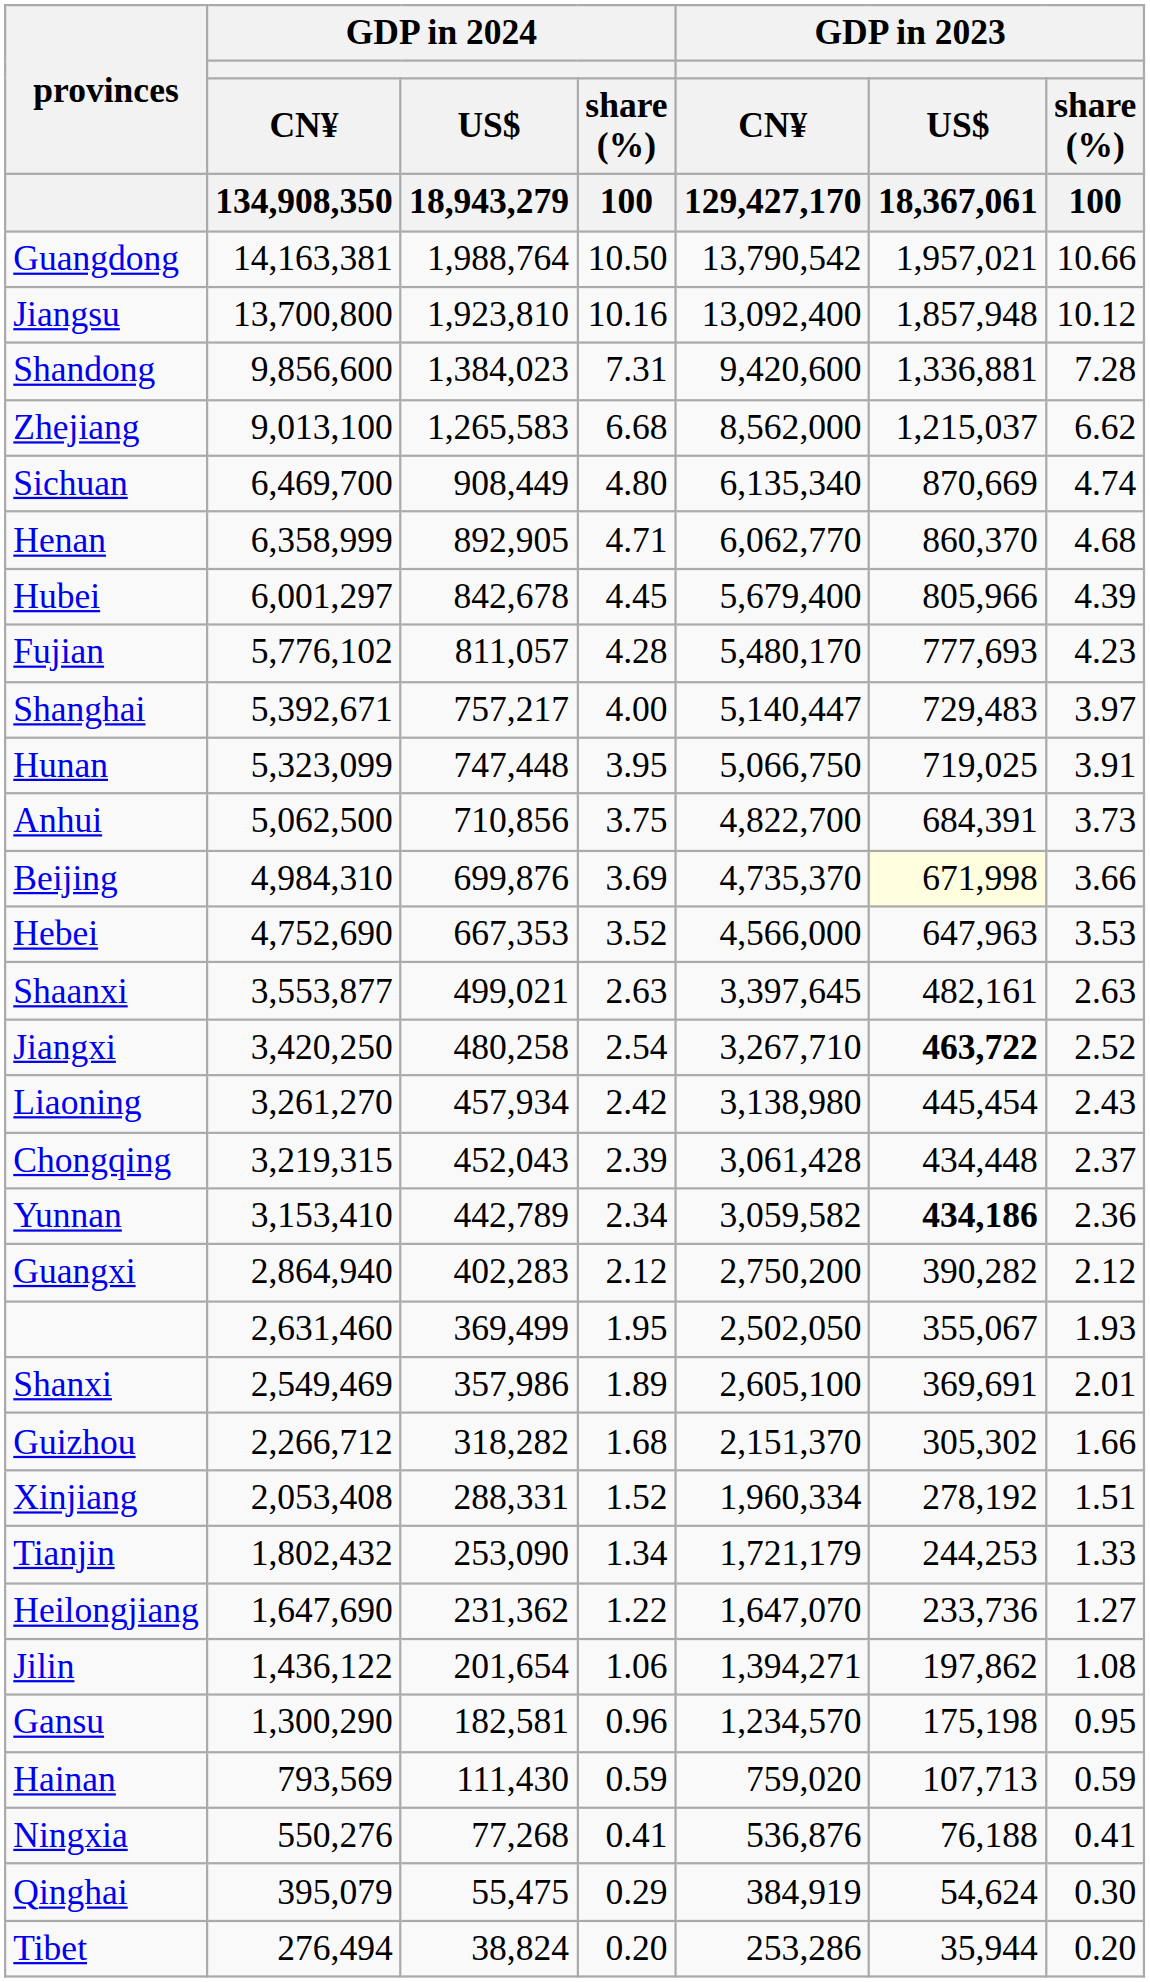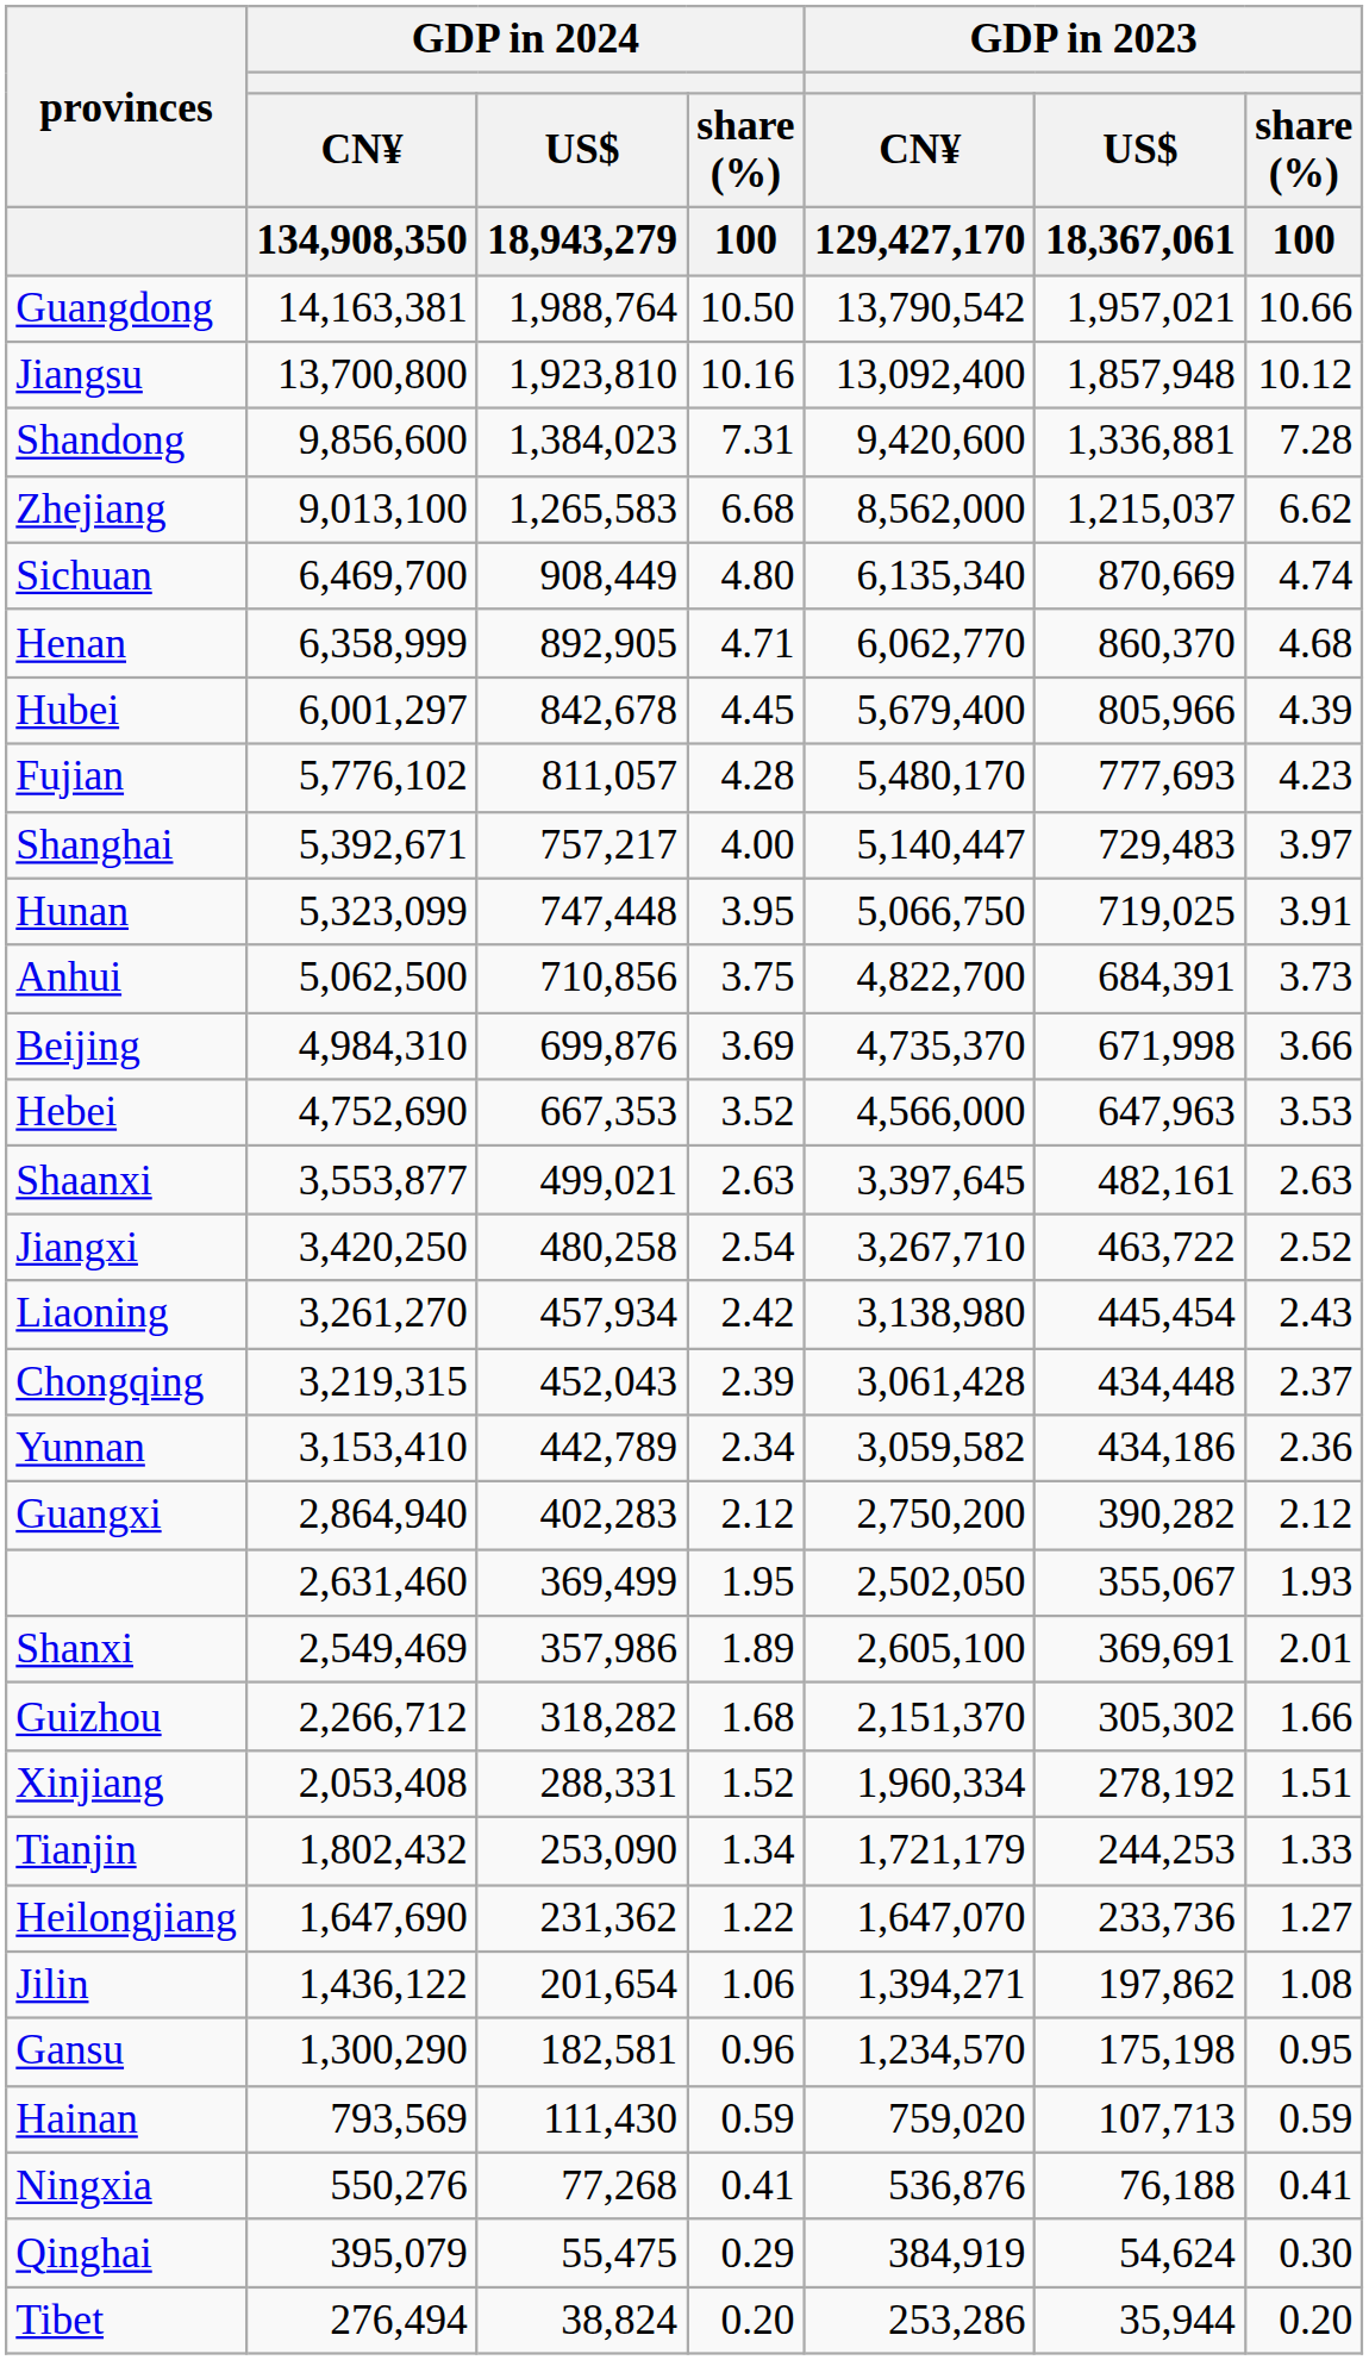 <table class="wikitable sortable static-row-numbers col2center" style="text-align:right;">
 <tr align="center">
 <th rowspan=3>provinces</th>
 <th colspan=3>GDP in 2024  <br> </th>
 <th colspan=3>GDP in 2023  <br> </th>
 </tr>
 <tr align="center">
 <th colspan=3></th>
 <th colspan=3></th>
 </tr>
 <tr align="center">
 <th>CN¥</th>
 <th>US$</th>
 <th>share <br> (%)</th>
 <th>CN¥</th>
 <th>US$</th>
 <th>share <br>(%)</th>
 </tr>
 <tr align="center">
 <th align=left></th>
 <th>134,908,350</th>
 <th>18,943,279</th>
 <th>100</th>
 <th>129,427,170</th>
 <th>18,367,061</th>
 <th>100</th>
 </tr>
 <tr align=right>
 <td align=left><a href='#'>Guangdong</a></td>
 <td>14,163,381</td>
 <td>1,988,764</td>
 <td>10.50</td>
 <td>13,790,542</td>
 <td>1,957,021</td>
 <td>10.66</td>
 </tr>
 <tr align=right>
 <td align=left><a href='#'>Jiangsu</a></td>
 <td>13,700,800</td>
 <td>1,923,810</td>
 <td>10.16</td>
 <td>13,092,400</td>
 <td>1,857,948</td>
 <td>10.12</td>
 </tr>
 <tr align=right>
 <td align=left><a href='#'>Shandong</a></td>
 <td>9,856,600</td>
 <td>1,384,023</td>
 <td>7.31</td>
 <td>9,420,600</td>
 <td>1,336,881</td>
 <td>7.28</td>
 </tr>
 <tr align=right>
 <td align=left><a href='#'>Zhejiang</a></td>
 <td>9,013,100</td>
 <td>1,265,583</td>
 <td>6.68</td>
 <td>8,562,000</td>
 <td>1,215,037</td>
 <td>6.62</td>
 </tr>
 <tr align=right>
 <td align=left><a href='#'>Sichuan</a></td>
 <td>6,469,700</td>
 <td>908,449</td>
 <td>4.80</td>
 <td>6,135,340</td>
 <td>870,669</td>
 <td>4.74</td>
 </tr>
 <tr align=right>
 <td align=left><a href='#'>Henan</a></td>
 <td>6,358,999</td>
 <td>892,905</td>
 <td>4.71</td>
 <td>6,062,770</td>
 <td>860,370</td>
 <td>4.68</td>
 </tr>
 <tr align=right>
 <td align=left><a href='#'>Hubei</a></td>
 <td>6,001,297</td>
 <td>842,678</td>
 <td>4.45</td>
 <td>5,679,400</td>
 <td>805,966</td>
 <td>4.39</td>
 </tr>
 <tr align=right>
 <td align=left><a href='#'>Fujian</a></td>
 <td>5,776,102</td>
 <td>811,057</td>
 <td>4.28</td>
 <td>5,480,170</td>
 <td>777,693</td>
 <td>4.23</td>
 </tr>
 <tr align=right>
 <td align=left><a href='#'>Shanghai</a></td>
 <td>5,392,671</td>
 <td>757,217</td>
 <td>4.00</td>
 <td>5,140,447</td>
 <td>729,483</td>
 <td>3.97</td>
 </tr>
 <tr align=right>
 <td align=left><a href='#'>Hunan</a></td>
 <td>5,323,099</td>
 <td>747,448</td>
 <td>3.95</td>
 <td>5,066,750</td>
 <td>719,025</td>
 <td>3.91</td>
 </tr>
 <tr align=right>
 <td align=left><a href='#'>Anhui</a></td>
 <td>5,062,500</td>
 <td>710,856</td>
 <td>3.75</td>
 <td>4,822,700</td>
 <td>684,391</td>
 <td>3.73</td>
 </tr>
 <tr align=right>
 <td align=left><a href='#'>Beijing</a></td>
 <td>4,984,310</td>
 <td>699,876</td>
 <td>3.69</td>
 <td>4,735,370</td>
-<td style="background: lightyellow;">671,998</td>
+<td>671,998</td>
 <td>3.66</td>
 </tr>
 <tr align=right>
 <td align=left><a href='#'>Hebei</a></td>
 <td>4,752,690</td>
 <td>667,353</td>
 <td>3.52</td>
 <td>4,566,000</td>
 <td>647,963</td>
 <td>3.53</td>
 </tr>
 <tr align=right>
 <td align=left><a href='#'>Shaanxi</a></td>
 <td>3,553,877</td>
 <td>499,021</td>
 <td>2.63</td>
 <td>3,397,645</td>
 <td>482,161</td>
 <td>2.63</td>
 </tr>
 <tr align=right>
 <td align=left><a href='#'>Jiangxi</a></td>
 <td>3,420,250</td>
 <td>480,258</td>
 <td>2.54</td>
 <td>3,267,710</td>
-<td><strong>463,722</strong></td>
+<td>463,722</td>
 <td>2.52</td>
 </tr>
 <tr align=right>
 <td align=left><a href='#'>Liaoning</a></td>
 <td>3,261,270</td>
 <td>457,934</td>
 <td>2.42</td>
 <td>3,138,980</td>
 <td>445,454</td>
 <td>2.43</td>
 </tr>
 <tr align=right>
 <td align=left><a href='#'>Chongqing</a></td>
 <td>3,219,315</td>
 <td>452,043</td>
 <td>2.39</td>
 <td>3,061,428</td>
 <td>434,448</td>
 <td>2.37</td>
 </tr>
 <tr align=right>
 <td align=left><a href='#'>Yunnan</a></td>
 <td>3,153,410</td>
 <td>442,789</td>
 <td>2.34</td>
 <td>3,059,582</td>
-<td><strong>434,186</strong></td>
+<td>434,186</td>
 <td>2.36</td>
 </tr>
 <tr align=right>
 <td align=left><a href='#'>Guangxi</a></td>
 <td>2,864,940</td>
 <td>402,283</td>
 <td>2.12</td>
 <td>2,750,200</td>
 <td>390,282</td>
 <td>2.12</td>
 </tr>
 <tr align=right>
 <td align=left></td>
 <td>2,631,460</td>
 <td>369,499</td>
 <td>1.95</td>
 <td>2,502,050</td>
 <td>355,067</td>
 <td>1.93</td>
 </tr>
 <tr align=right>
 <td align=left><a href='#'>Shanxi</a></td>
 <td>2,549,469</td>
 <td>357,986</td>
 <td>1.89</td>
 <td>2,605,100</td>
 <td>369,691</td>
 <td>2.01</td>
 </tr>
 <tr align=right>
 <td align=left><a href='#'>Guizhou</a></td>
 <td>2,266,712</td>
 <td>318,282</td>
 <td>1.68</td>
 <td>2,151,370</td>
 <td>305,302</td>
 <td>1.66</td>
 </tr>
 <tr align=right>
 <td align=left><a href='#'>Xinjiang</a></td>
 <td>2,053,408</td>
 <td>288,331</td>
 <td>1.52</td>
 <td>1,960,334</td>
 <td>278,192</td>
 <td>1.51</td>
 </tr>
 <tr align=right>
 <td align=left><a href='#'>Tianjin</a></td>
 <td>1,802,432</td>
 <td>253,090</td>
 <td>1.34</td>
 <td>1,721,179</td>
 <td>244,253</td>
 <td>1.33</td>
 </tr>
 <tr align=right>
 <td align=left><a href='#'>Heilongjiang</a></td>
 <td>1,647,690</td>
 <td>231,362</td>
 <td>1.22</td>
 <td>1,647,070</td>
 <td>233,736</td>
 <td>1.27</td>
 </tr>
 <tr align=right>
 <td align=left><a href='#'>Jilin</a></td>
 <td>1,436,122</td>
 <td>201,654</td>
 <td>1.06</td>
 <td>1,394,271</td>
 <td>197,862</td>
 <td>1.08</td>
 </tr>
 <tr align=right>
 <td align=left><a href='#'>Gansu</a></td>
 <td>1,300,290</td>
 <td>182,581</td>
 <td>0.96</td>
 <td>1,234,570</td>
 <td>175,198</td>
 <td>0.95</td>
 </tr>
 <tr align=right>
 <td align=left><a href='#'>Hainan</a></td>
 <td>793,569</td>
 <td>111,430</td>
 <td>0.59</td>
 <td>759,020</td>
 <td>107,713</td>
 <td>0.59</td>
 </tr>
 <tr align=right>
 <td align=left><a href='#'>Ningxia</a></td>
 <td>550,276</td>
 <td>77,268</td>
 <td>0.41</td>
 <td>536,876</td>
 <td>76,188</td>
 <td>0.41</td>
 </tr>
 <tr align=right>
 <td align=left><a href='#'>Qinghai</a></td>
 <td>395,079</td>
 <td>55,475</td>
 <td>0.29</td>
 <td>384,919</td>
 <td>54,624</td>
 <td>0.30</td>
 </tr>
 <tr align=right>
 <td align=left><a href='#'>Tibet</a></td>
 <td>276,494</td>
 <td>38,824</td>
 <td>0.20</td>
 <td>253,286</td>
 <td>35,944</td>
 <td>0.20</td>
 </tr>
 </table>
